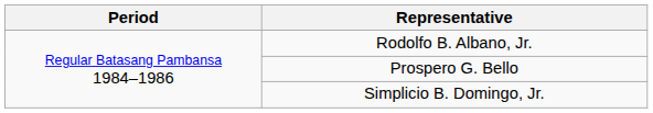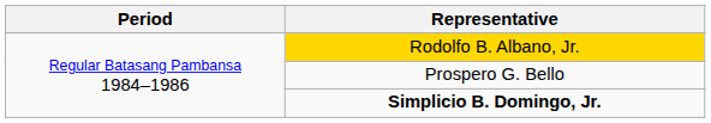 <table class="wikitable" style="text-align:center; width:40%;">
 <tr>
 <th width="40%">Period</th>
 <th>Representative</th>
 </tr>
 <tr>
 <td rowspan="3"><small><a href='#'>Regular Batasang Pambansa</a></small><br>1984–1986</td>
-<td>Rodolfo B. Albano, Jr.</td>
+<td style="background: gold;">Rodolfo B. Albano, Jr.</td>
 </tr>
 <tr>
 <td>Prospero G. Bello</td>
 </tr>
 <tr>
-<td>Simplicio B. Domingo, Jr.</td>
+<td><strong>Simplicio B. Domingo, Jr.</strong></td>
 </tr>
 </table>
